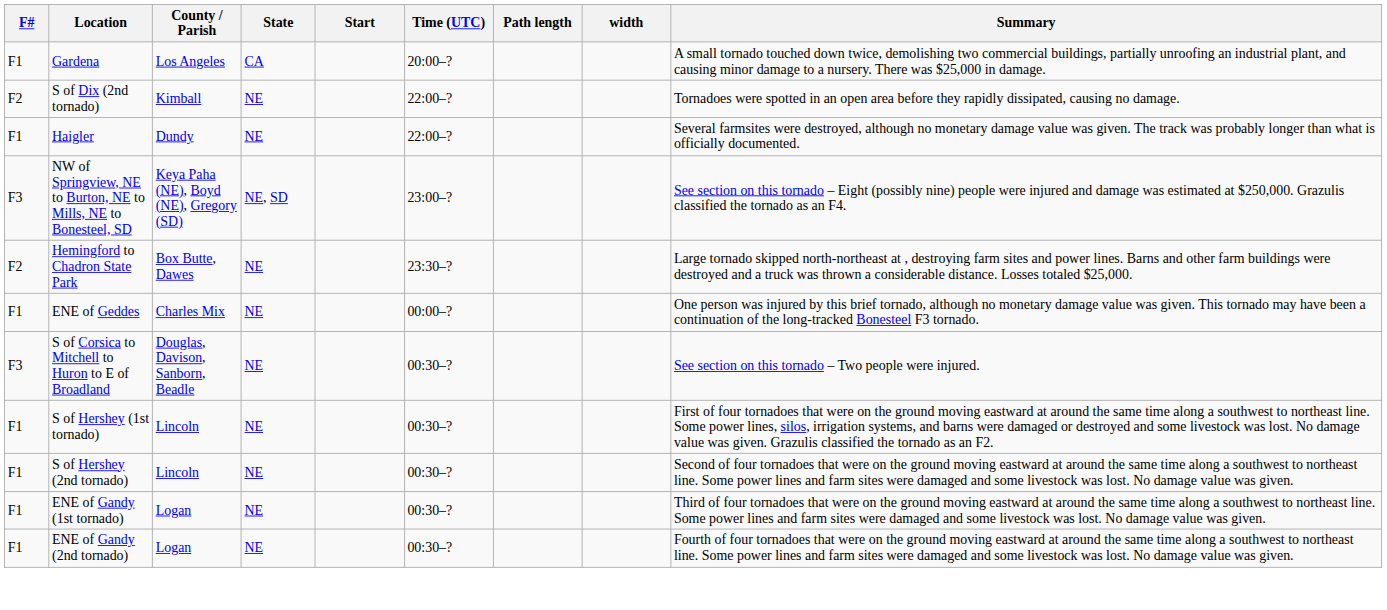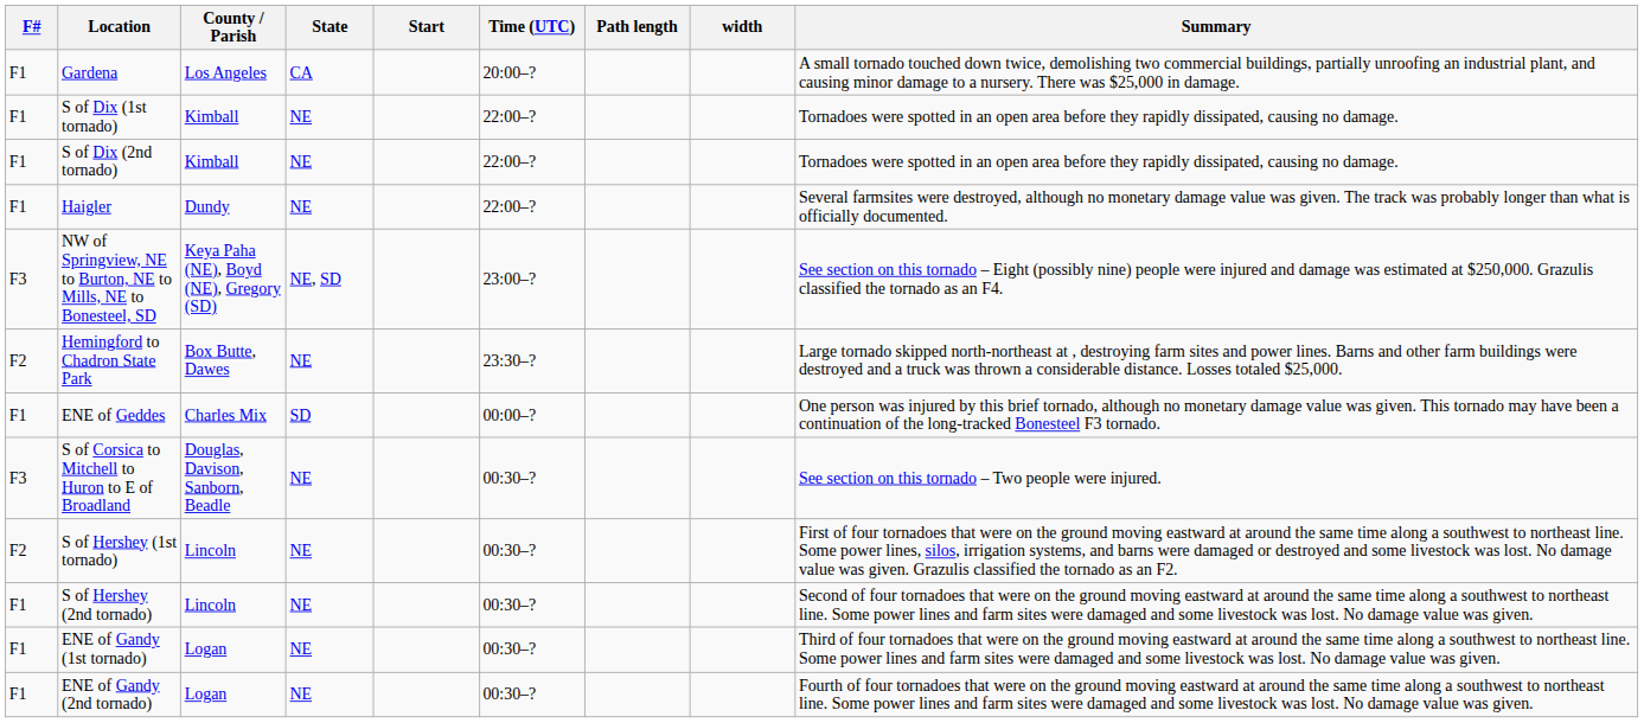 <table class="wikitable sortable" style="width:100%;">
 <tr>
 <th scope="col"  style="width:3%; text-align:center;"><a href='#'>F#</a></th>
 <th scope="col"  style="width:7%; text-align:center;" class="unsortable">Location</th>
 <th scope="col"  style="width:6%; text-align:center;" class="unsortable">County / Parish</th>
 <th scope="col"  style="width:5%; text-align:center;">State</th>
 <th scope="col"  style="width:6%; text-align:center;">Start<br></th>
 <th scope="col"  style="width:6%; text-align:center;">Time (<a href='#'>UTC</a>)</th>
 <th scope="col"  style="width:6%; text-align:center;">Path length</th>
 <th scope="col"  style="width:6%; text-align:center;"> width</th>
 <th scope="col" class="unsortable" style="width:48%; text-align:center;">Summary</th>
 </tr>
 <tr>
 <td>F1</td>
 <td><a href='#'>Gardena</a></td>
 <td><a href='#'>Los Angeles</a></td>
 <td><a href='#'>CA</a></td>
 <td></td>
 <td>20:00–?</td>
 <td></td>
 <td></td>
 <td>A small tornado touched down twice, demolishing two commercial buildings, partially unroofing an industrial plant, and causing minor damage to a nursery. There was $25,000 in damage.</td>
 </tr>
 <tr>
-<td>F2</td>
+<td>F1</td>
+<td>S of <a href='#'>Dix</a> (1st tornado)</td>
+<td><a href='#'>Kimball</a></td>
+<td><a href='#'>NE</a></td>
+<td></td>
+<td>22:00–?</td>
+<td></td>
+<td></td>
+<td>Tornadoes were spotted in an open area before they rapidly dissipated, causing no damage.</td>
+</tr>
+<tr>
+<td>F1</td>
 <td>S of <a href='#'>Dix</a> (2nd tornado)</td>
 <td><a href='#'>Kimball</a></td>
 <td><a href='#'>NE</a></td>
 <td></td>
 <td>22:00–?</td>
 <td></td>
 <td></td>
 <td>Tornadoes were spotted in an open area before they rapidly dissipated, causing no damage.</td>
 </tr>
 <tr>
 <td>F1</td>
 <td><a href='#'>Haigler</a></td>
 <td><a href='#'>Dundy</a></td>
 <td><a href='#'>NE</a></td>
 <td></td>
 <td>22:00–?</td>
 <td></td>
 <td></td>
 <td>Several farmsites were destroyed, although no monetary damage value was given. The track was probably longer than what is officially documented.</td>
 </tr>
 <tr>
 <td>F3</td>
 <td>NW of <a href='#'>Springview, NE</a> to <a href='#'>Burton, NE</a> to <a href='#'>Mills, NE</a> to <a href='#'>Bonesteel, SD</a></td>
 <td><a href='#'>Keya Paha (NE)</a>, <a href='#'>Boyd (NE)</a>, <a href='#'>Gregory (SD)</a></td>
 <td><a href='#'>NE</a>, <a href='#'>SD</a></td>
 <td></td>
 <td>23:00–?</td>
 <td></td>
 <td></td>
 <td><a href='#'>See section on this tornado</a> – Eight (possibly nine) people were injured and damage was estimated at $250,000. Grazulis classified the tornado as an F4.</td>
 </tr>
 <tr>
 <td>F2</td>
 <td><a href='#'>Hemingford</a> to <a href='#'>Chadron State Park</a></td>
 <td><a href='#'>Box Butte</a>, <a href='#'>Dawes</a></td>
 <td><a href='#'>NE</a></td>
 <td></td>
 <td>23:30–?</td>
 <td></td>
 <td></td>
 <td>Large tornado skipped north-northeast at , destroying farm sites and power lines. Barns and other farm buildings were destroyed and a truck was thrown a considerable distance. Losses totaled $25,000.</td>
 </tr>
 <tr>
 <td>F1</td>
 <td>ENE of <a href='#'>Geddes</a></td>
 <td><a href='#'>Charles Mix</a></td>
-<td><a href='#'>NE</a></td>
+<td><a href='#'>SD</a></td>
 <td></td>
 <td>00:00–?</td>
 <td></td>
 <td></td>
 <td>One person was injured by this brief tornado, although no monetary damage value was given. This tornado may have been a continuation of the long-tracked <a href='#'>Bonesteel</a> F3 tornado.</td>
 </tr>
 <tr>
 <td>F3</td>
 <td>S of <a href='#'>Corsica</a> to <a href='#'>Mitchell</a> to <a href='#'>Huron</a> to E of <a href='#'>Broadland</a></td>
 <td><a href='#'>Douglas</a>, <a href='#'>Davison</a>, <a href='#'>Sanborn</a>, <a href='#'>Beadle</a></td>
 <td><a href='#'>NE</a></td>
 <td></td>
 <td>00:30–?</td>
 <td></td>
 <td></td>
 <td><a href='#'>See section on this tornado</a> – Two people were injured.</td>
 </tr>
 <tr>
-<td>F1</td>
+<td>F2</td>
 <td>S of <a href='#'>Hershey</a> (1st tornado)</td>
 <td><a href='#'>Lincoln</a></td>
 <td><a href='#'>NE</a></td>
 <td></td>
 <td>00:30–?</td>
 <td></td>
 <td></td>
 <td>First of four tornadoes that were on the ground moving eastward at around the same time along a southwest to northeast line. Some power lines, <a href='#'>silos</a>, irrigation systems, and barns were damaged or destroyed and some livestock was lost. No damage value was given. Grazulis classified the tornado as an F2.</td>
 </tr>
 <tr>
 <td>F1</td>
 <td>S of <a href='#'>Hershey</a> (2nd tornado)</td>
 <td><a href='#'>Lincoln</a></td>
 <td><a href='#'>NE</a></td>
 <td></td>
 <td>00:30–?</td>
 <td></td>
 <td></td>
 <td>Second of four tornadoes that were on the ground moving eastward at around the same time along a southwest to northeast line. Some power lines and farm sites were damaged and some livestock was lost. No damage value was given.</td>
 </tr>
 <tr>
 <td>F1</td>
 <td>ENE of <a href='#'>Gandy</a> (1st tornado)</td>
 <td><a href='#'>Logan</a></td>
 <td><a href='#'>NE</a></td>
 <td></td>
 <td>00:30–?</td>
 <td></td>
 <td></td>
 <td>Third of four tornadoes that were on the ground moving eastward at around the same time along a southwest to northeast line. Some power lines and farm sites were damaged and some livestock was lost. No damage value was given.</td>
 </tr>
 <tr>
 <td>F1</td>
 <td>ENE of <a href='#'>Gandy</a> (2nd tornado)</td>
 <td><a href='#'>Logan</a></td>
 <td><a href='#'>NE</a></td>
 <td></td>
 <td>00:30–?</td>
 <td></td>
 <td></td>
 <td>Fourth of four tornadoes that were on the ground moving eastward at around the same time along a southwest to northeast line. Some power lines and farm sites were damaged and some livestock was lost. No damage value was given.</td>
 </tr>
 </table>
